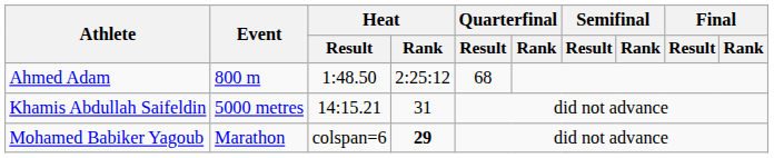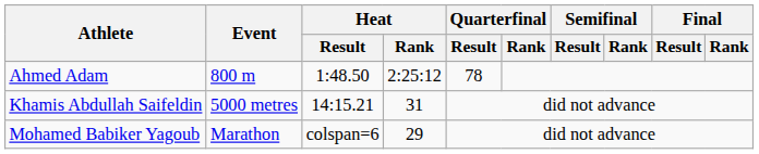 <table class="wikitable" style="font-size:90%">
 <tr>
 <th rowspan="2">Athlete</th>
 <th rowspan="2">Event</th>
 <th colspan="2">Heat</th>
 <th colspan="2">Quarterfinal</th>
 <th colspan="2">Semifinal</th>
 <th colspan="2">Final</th>
 </tr>
 <tr style="font-size:95%">
 <th>Result</th>
 <th>Rank</th>
 <th>Result</th>
 <th>Rank</th>
 <th>Result</th>
 <th>Rank</th>
 <th>Result</th>
 <th>Rank</th>
 </tr>
 <tr align=center>
 <td align=left><a href='#'>Ahmed Adam</a></td>
 <td align=left><a href='#'>800 m</a></td>
 <td>1:48.50</td>
 <td>2:25:12</td>
-<td>68</td>
+<td>78</td>
 </tr>
 <tr align=center>
 <td align=left><a href='#'>Khamis Abdullah Saifeldin</a></td>
 <td align=left><a href='#'>5000 metres</a></td>
 <td>14:15.21</td>
 <td>31</td>
 <td colspan=6>did not advance</td>
 </tr>
 <tr align=center>
 <td align=left><a href='#'>Mohamed Babiker Yagoub</a></td>
 <td align=left><a href='#'>Marathon</a></td>
 <td>colspan=6 </td>
-<td><strong>29</strong></td>
+<td>29</td>
 <td colspan=6>did not advance</td>
 </tr>
 </table>
